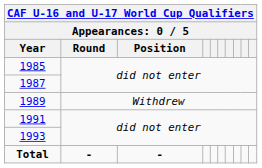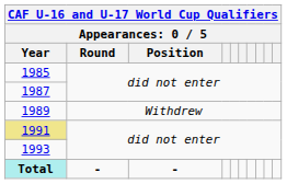 <table class="wikitable" style="text-align: center;">
 <tr>
 <th colspan=10><a href='#'>CAF U-16 and U-17 World Cup Qualifiers</a></th>
 </tr>
 <tr>
 <th colspan=10>Appearances: 0 / 5</th>
 </tr>
 <tr>
 <th>Year</th>
 <th>Round</th>
 <th>Position</th>
 <th></th>
 <th></th>
 <th></th>
 <th></th>
 <th></th>
 <th></th>
 <th></th>
 </tr>
 <tr>
 <td><a href='#'>1985</a></td>
 <td rowspan=2 colspan=9><em>did not enter</em></td>
 </tr>
 <tr>
 <td><a href='#'>1987</a></td>
 </tr>
 <tr>
 <td><a href='#'>1989</a></td>
 <td colspan=9><em>Withdrew</em></td>
 </tr>
 <tr>
-<td><a href='#'>1991</a></td>
+<td style="background: khaki;"><a href='#'>1991</a></td>
 <td rowspan=2 colspan=9><em>did not enter</em></td>
 </tr>
 <tr>
 <td><a href='#'>1993</a></td>
 </tr>
 <tr>
-<td><strong>Total</strong></td>
+<td style="background: paleturquoise;"><strong>Total</strong></td>
 <td><strong>-</strong></td>
 <td><strong>-</strong></td>
 <td><strong></strong></td>
 <td><strong></strong></td>
 <td><strong></strong></td>
 <td><strong></strong></td>
 <td><strong></strong></td>
 <td><strong></strong></td>
 <td><strong></strong></td>
 </tr>
 </table>
